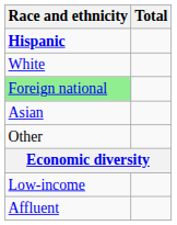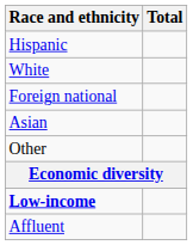 <table class="wikitable floatright sortable collapsible"; text-align:right; font-size:80%;">
 <tr>
 <th>Race and ethnicity</th>
 <th colspan="2" data-sort-type=number>Total</th>
 </tr>
 <tr>
-<td><strong><a href='#'>Hispanic</a></strong></td>
+<td><a href='#'>Hispanic</a></td>
 <td align=right></td>
 </tr>
 <tr>
 <td><a href='#'>White</a></td>
 <td align=right></td>
 </tr>
 <tr>
-<td style="background: lightgreen;"><a href='#'>Foreign national</a></td>
+<td><a href='#'>Foreign national</a></td>
 <td align=right></td>
 </tr>
 <tr>
 <td><a href='#'>Asian</a></td>
 <td align=right></td>
 </tr>
 <tr>
 <td>Other</td>
 <td align=right></td>
 </tr>
 <tr>
 <th colspan="4" data-sort-type=number><a href='#'>Economic diversity</a></th>
 </tr>
 <tr>
-<td><a href='#'>Low-income</a></td>
+<td><strong><a href='#'>Low-income</a></strong></td>
 <td align=right></td>
 </tr>
 <tr>
 <td><a href='#'>Affluent</a></td>
 <td align=right></td>
 </tr>
 </table>
